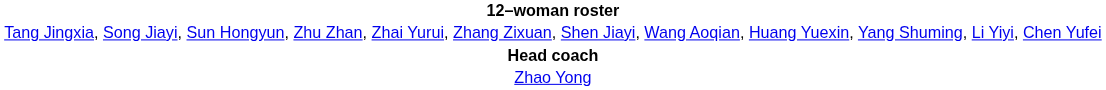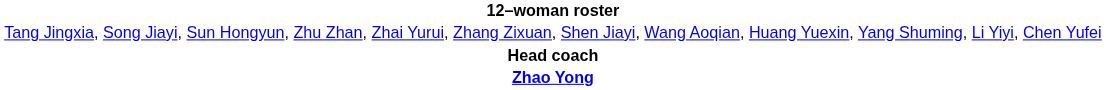 <table style="text-align: center; margin-top: 2em; margin-left: auto; margin-right: auto">
 <tr>
 <td><strong>12–woman roster</strong></td>
 </tr>
 <tr>
 <td><a href='#'>Tang Jingxia</a>, <a href='#'>Song Jiayi</a>, <a href='#'>Sun Hongyun</a>, <a href='#'>Zhu Zhan</a>, <a href='#'>Zhai Yurui</a>, <a href='#'>Zhang Zixuan</a>, <a href='#'>Shen Jiayi</a>, <a href='#'>Wang Aoqian</a>, <a href='#'>Huang Yuexin</a>, <a href='#'>Yang Shuming</a>, <a href='#'>Li Yiyi</a>, <a href='#'>Chen Yufei</a></td>
 </tr>
 <tr>
 <td><strong>Head coach</strong></td>
 </tr>
 <tr>
-<td><a href='#'>Zhao Yong</a></td>
+<td><strong><a href='#'>Zhao Yong</a></strong></td>
 </tr>
 </table>
